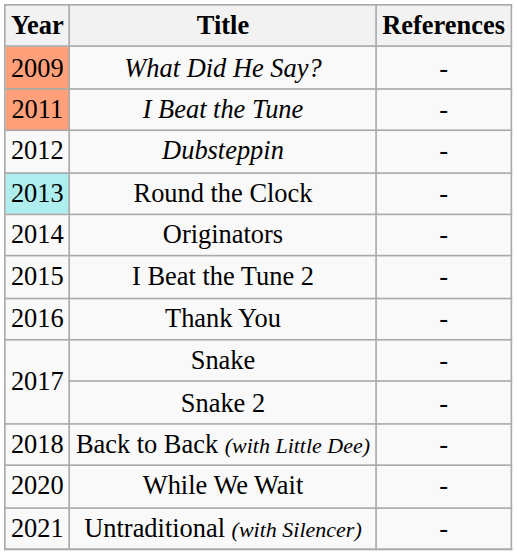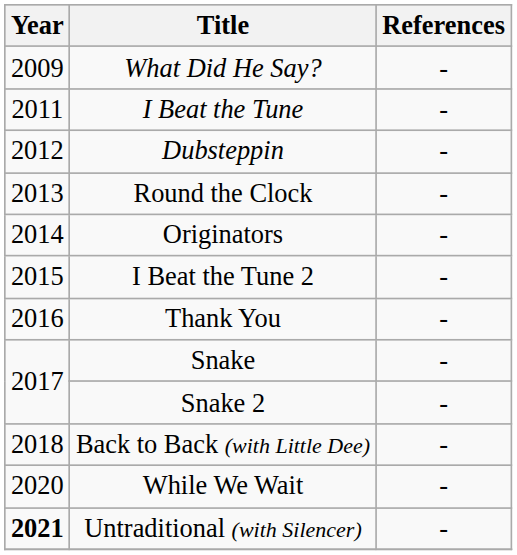 <table class="wikitable plainrowheaders" style="text-align:center;">
 <tr>
 <th>Year</th>
 <th>Title</th>
 <th>References</th>
 </tr>
 <tr>
-<td style="background: lightsalmon;">2009</td>
+<td>2009</td>
 <td><em>What Did He Say?</em></td>
 <td>-</td>
 </tr>
 <tr>
-<td style="background: lightsalmon;">2011</td>
+<td>2011</td>
 <td><em>I Beat the Tune</em></td>
 <td>-</td>
 </tr>
 <tr>
 <td>2012</td>
 <td><em>Dubsteppin<strong></td>
 <td>-</td>
 </tr>
 <tr>
-<td style="background: paleturquoise;">2013</td>
+<td>2013</td>
 <td></em>Round the Clock<em></td>
 <td>-</td>
 </tr>
 <tr>
 <td>2014</td>
 <td></em>Originators<em></td>
 <td>-</td>
 </tr>
 <tr>
 <td>2015</td>
 <td></em>I Beat the Tune 2<em></td>
 <td>-</td>
 </tr>
 <tr>
 <td>2016</td>
 <td></em>Thank You<em></td>
 <td>-</td>
 </tr>
 <tr>
 <td rowspan="2">2017</td>
 <td></em>Snake<em></td>
 <td>-</td>
 </tr>
 <tr>
 <td></em>Snake 2<em></td>
 <td>-</td>
 </tr>
 <tr>
 <td>2018</td>
 <td></em>Back to Back<em> <small>(with Little Dee)</small></td>
 <td>-</td>
 </tr>
 <tr>
 <td>2020</td>
 <td></em>While We Wait<em></td>
 <td>-</td>
 </tr>
 <tr>
-<td>2021</td>
+<td><strong>2021</strong></td>
 <td></em>Untraditional<em> <small>(with Silencer)</small></td>
 <td>-</td>
 </tr>
 <tr>
 </tr>
 </table>
